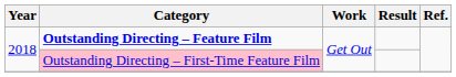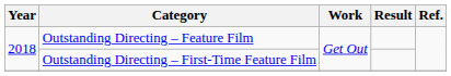 <table class="wikitable unsortable">
 <tr>
 <th>Year</th>
 <th>Category</th>
 <th>Work</th>
 <th>Result</th>
 <th>Ref.</th>
 </tr>
 <tr>
 <td rowspan="2"><a href='#'>2018</a></td>
-<td><strong><a href='#'>Outstanding Directing – Feature Film</a></strong></td>
+<td><a href='#'>Outstanding Directing – Feature Film</a></td>
 <td rowspan="2"><em><a href='#'>Get Out</a></em></td>
 <td></td>
 <td rowspan="2"></td>
 </tr>
 <tr>
-<td style="background: pink;"><a href='#'>Outstanding Directing – First-Time Feature Film</a></td>
+<td><a href='#'>Outstanding Directing – First-Time Feature Film</a></td>
 <td></td>
 </tr>
 <tr>
 </tr>
 </table>
